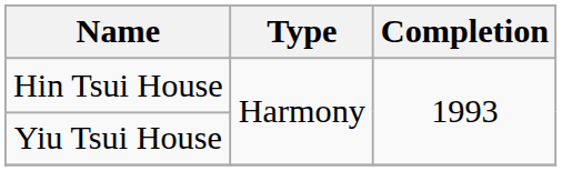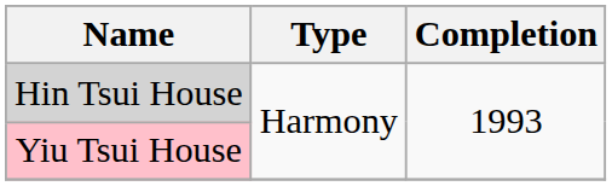 <table class="wikitable" style="text-align: center">
 <tr>
 <th>Name</th>
 <th>Type</th>
 <th>Completion</th>
 </tr>
 <tr>
-<td>Hin Tsui House</td>
+<td style="background: lightgrey;">Hin Tsui House</td>
 <td rowspan="2">Harmony</td>
 <td rowspan="2">1993</td>
 </tr>
 <tr>
-<td>Yiu Tsui House</td>
+<td style="background: pink;">Yiu Tsui House</td>
 </tr>
 <tr>
 </tr>
 </table>
